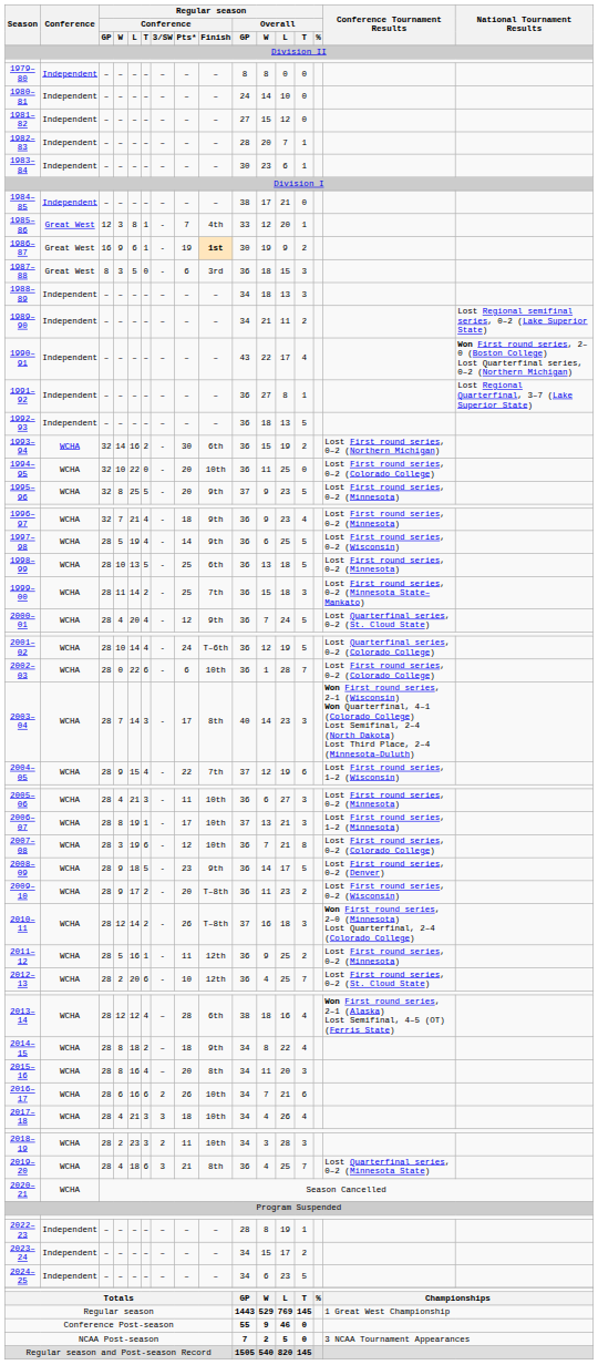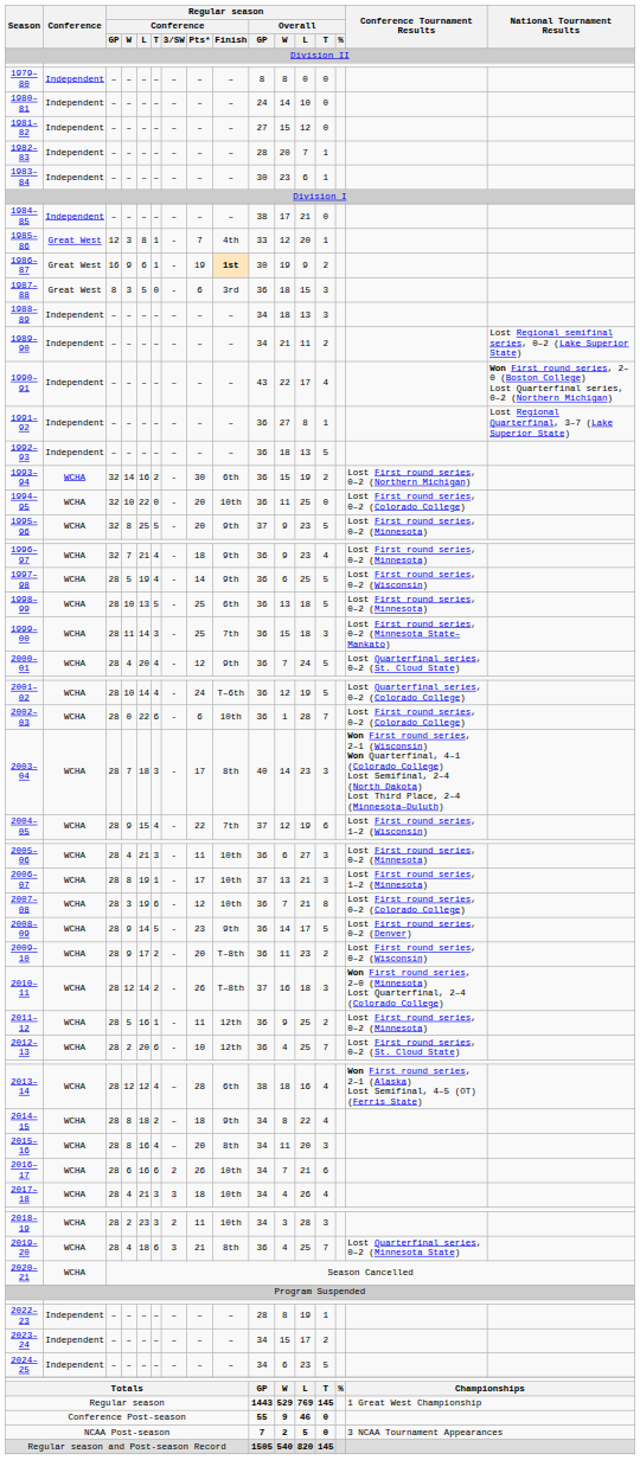 <table class="wikitable" style="text-align: center; font-size: 95%">
 <tr>
 <th rowspan="3">Season</th>
 <th rowspan="3">Conference</th>
 <th colspan="12">Regular season</th>
 <th rowspan="3">Conference Tournament Results</th>
 <th rowspan="3">National Tournament Results</th>
 </tr>
 <tr>
 <th colspan="7">Conference</th>
 <th colspan="5">Overall</th>
 </tr>
 <tr>
 <th>GP</th>
 <th>W</th>
 <th>L</th>
 <th>T</th>
 <th>3/SW</th>
 <th>Pts*</th>
 <th>Finish</th>
 <th>GP</th>
 <th>W</th>
 <th>L</th>
 <th>T</th>
 <th>%</th>
 </tr>
 <tr>
 <td style="background:#cccccc;" colspan="16"><a href='#'>Division II</a></td>
 </tr>
 <tr>
 <td><a href='#'></a> </td>
 </tr>
 <tr>
 <td><a href='#'>1979–80</a></td>
 <td><a href='#'>Independent</a></td>
 <td>–</td>
 <td>–</td>
 <td>–</td>
 <td>–</td>
 <td>–</td>
 <td>–</td>
 <td>–</td>
 <td>8</td>
 <td>8</td>
 <td>0</td>
 <td>0</td>
 <td></td>
 <td align="left"></td>
 <td align="left"></td>
 </tr>
 <tr>
 <td><a href='#'>1980–81</a></td>
 <td>Independent</td>
 <td>–</td>
 <td>–</td>
 <td>–</td>
 <td>–</td>
 <td>–</td>
 <td>–</td>
 <td>–</td>
 <td>24</td>
 <td>14</td>
 <td>10</td>
 <td>0</td>
 <td></td>
 <td align="left"></td>
 <td align="left"></td>
 </tr>
 <tr>
 <td><a href='#'>1981–82</a></td>
 <td>Independent</td>
 <td>–</td>
 <td>–</td>
 <td>–</td>
 <td>–</td>
 <td>–</td>
 <td>–</td>
 <td>–</td>
 <td>27</td>
 <td>15</td>
 <td>12</td>
 <td>0</td>
 <td></td>
 <td align="left"></td>
 <td align="left"></td>
 </tr>
 <tr>
 <td><a href='#'>1982–83</a></td>
 <td>Independent</td>
 <td>–</td>
 <td>–</td>
 <td>–</td>
 <td>–</td>
 <td>–</td>
 <td>–</td>
 <td>–</td>
 <td>28</td>
 <td>20</td>
 <td>7</td>
 <td>1</td>
 <td></td>
 <td align="left"></td>
 <td align="left"></td>
 </tr>
 <tr>
 <td><a href='#'>1983–84</a></td>
 <td>Independent</td>
 <td>–</td>
 <td>–</td>
 <td>–</td>
 <td>–</td>
 <td>–</td>
 <td>–</td>
 <td>–</td>
 <td>30</td>
 <td>23</td>
 <td>6</td>
 <td>1</td>
 <td></td>
 <td align="left"></td>
 <td align="left"></td>
 </tr>
 <tr>
 <td style="background:#cccccc;" colspan="16"><a href='#'>Division I</a></td>
 </tr>
 <tr>
 <td><a href='#'>1984–85</a></td>
 <td><a href='#'>Independent</a></td>
 <td>–</td>
 <td>–</td>
 <td>–</td>
 <td>–</td>
 <td>–</td>
 <td>–</td>
 <td>–</td>
 <td>38</td>
 <td>17</td>
 <td>21</td>
 <td>0</td>
 <td></td>
 <td align="left"></td>
 <td align="left"></td>
 </tr>
 <tr>
 <td><a href='#'>1985–86</a></td>
 <td><a href='#'>Great West</a></td>
 <td>12</td>
 <td>3</td>
 <td>8</td>
 <td>1</td>
 <td>-</td>
 <td>7</td>
 <td>4th</td>
 <td>33</td>
 <td>12</td>
 <td>20</td>
 <td>1</td>
 <td></td>
 <td align="left"></td>
 <td align="left"></td>
 </tr>
 <tr>
 <td><a href='#'>1986–87</a></td>
 <td>Great West</td>
 <td>16</td>
 <td>9</td>
 <td>6</td>
 <td>1</td>
 <td>-</td>
 <td>19</td>
 <td style="background: #FFE6BD;"><strong>1st</strong></td>
 <td>30</td>
 <td>19</td>
 <td>9</td>
 <td>2</td>
 <td></td>
 <td align="left"></td>
 <td align="left"></td>
 </tr>
 <tr>
 <td><a href='#'>1987–88</a></td>
 <td>Great West</td>
 <td>8</td>
 <td>3</td>
 <td>5</td>
 <td>0</td>
 <td>-</td>
 <td>6</td>
 <td>3rd</td>
 <td>36</td>
 <td>18</td>
 <td>15</td>
 <td>3</td>
 <td></td>
 <td align="left"></td>
 <td align="left"></td>
 </tr>
 <tr>
 <td><a href='#'>1988–89</a></td>
 <td>Independent</td>
 <td>–</td>
 <td>–</td>
 <td>–</td>
 <td>–</td>
 <td>–</td>
 <td>–</td>
 <td>–</td>
 <td>34</td>
 <td>18</td>
 <td>13</td>
 <td>3</td>
 <td></td>
 <td align="left"></td>
 <td align="left"></td>
 </tr>
 <tr>
 <td><a href='#'>1989–90</a></td>
 <td>Independent</td>
 <td>–</td>
 <td>–</td>
 <td>–</td>
 <td>–</td>
 <td>–</td>
 <td>–</td>
 <td>–</td>
 <td>34</td>
 <td>21</td>
 <td>11</td>
 <td>2</td>
 <td></td>
 <td align="left"></td>
 <td align="left">Lost <a href='#'>Regional semifinal series</a>, 0–2 (<a href='#'>Lake Superior State</a>)</td>
 </tr>
 <tr>
 <td><a href='#'>1990–91</a></td>
 <td>Independent</td>
 <td>–</td>
 <td>–</td>
 <td>–</td>
 <td>–</td>
 <td>–</td>
 <td>–</td>
 <td>–</td>
 <td>43</td>
 <td>22</td>
 <td>17</td>
 <td>4</td>
 <td></td>
 <td align="left"></td>
 <td align="left"><strong>Won</strong> <a href='#'>First round series</a>, 2–0 (<a href='#'>Boston College</a>)<br>Lost Quarterfinal series, 0–2 (<a href='#'>Northern Michigan</a>)</td>
 </tr>
 <tr>
 <td><a href='#'>1991–92</a></td>
 <td>Independent</td>
 <td>–</td>
 <td>–</td>
 <td>–</td>
 <td>–</td>
 <td>–</td>
 <td>–</td>
 <td>–</td>
 <td>36</td>
 <td>27</td>
 <td>8</td>
 <td>1</td>
 <td></td>
 <td align="left"></td>
 <td align="left">Lost <a href='#'>Regional Quarterfinal</a>, 3–7 (<a href='#'>Lake Superior State</a>)</td>
 </tr>
 <tr>
 <td><a href='#'>1992–93</a></td>
 <td>Independent</td>
 <td>–</td>
 <td>–</td>
 <td>–</td>
 <td>–</td>
 <td>–</td>
 <td>–</td>
 <td>–</td>
 <td>36</td>
 <td>18</td>
 <td>13</td>
 <td>5</td>
 <td></td>
 <td align="left"></td>
 <td align="left"></td>
 </tr>
 <tr>
 <td><a href='#'>1993–94</a></td>
 <td><a href='#'>WCHA</a></td>
 <td>32</td>
 <td>14</td>
 <td>16</td>
 <td>2</td>
 <td>-</td>
 <td>30</td>
 <td>6th</td>
 <td>36</td>
 <td>15</td>
 <td>19</td>
 <td>2</td>
 <td></td>
 <td align="left">Lost <a href='#'>First round series</a>, 0–2 (<a href='#'>Northern Michigan</a>)</td>
 <td align="left"></td>
 </tr>
 <tr>
 <td><a href='#'>1994–95</a></td>
 <td>WCHA</td>
 <td>32</td>
 <td>10</td>
 <td>22</td>
 <td>0</td>
 <td>-</td>
 <td>20</td>
 <td>10th</td>
 <td>36</td>
 <td>11</td>
 <td>25</td>
 <td>0</td>
 <td></td>
 <td align="left">Lost <a href='#'>First round series</a>, 0–2 (<a href='#'>Colorado College</a>)</td>
 <td align="left"></td>
 </tr>
 <tr>
 <td><a href='#'>1995–96</a></td>
 <td>WCHA</td>
 <td>32</td>
 <td>8</td>
 <td>25</td>
 <td>5</td>
 <td>-</td>
 <td>20</td>
 <td>9th</td>
 <td>37</td>
 <td>9</td>
 <td>23</td>
 <td>5</td>
 <td></td>
 <td align="left">Lost <a href='#'>First round series</a>, 0–2 (<a href='#'>Minnesota</a>)</td>
 <td align="left"></td>
 </tr>
 <tr>
 <td><a href='#'></a> </td>
 </tr>
 <tr>
 <td><a href='#'>1996–97</a></td>
 <td>WCHA</td>
 <td>32</td>
 <td>7</td>
 <td>21</td>
 <td>4</td>
 <td>-</td>
 <td>18</td>
 <td>9th</td>
 <td>36</td>
 <td>9</td>
 <td>23</td>
 <td>4</td>
 <td></td>
 <td align="left">Lost <a href='#'>First round series</a>, 0–2 (<a href='#'>Minnesota</a>)</td>
 <td align="left"></td>
 </tr>
 <tr>
 <td><a href='#'>1997–98</a></td>
 <td>WCHA</td>
 <td>28</td>
 <td>5</td>
 <td>19</td>
 <td>4</td>
 <td>-</td>
 <td>14</td>
 <td>9th</td>
 <td>36</td>
 <td>6</td>
 <td>25</td>
 <td>5</td>
 <td></td>
 <td align="left">Lost <a href='#'>First round series</a>, 0–2 (<a href='#'>Wisconsin</a>)</td>
 <td align="left"></td>
 </tr>
 <tr>
 <td><a href='#'>1998–99</a></td>
 <td>WCHA</td>
 <td>28</td>
 <td>10</td>
 <td>13</td>
 <td>5</td>
 <td>-</td>
 <td>25</td>
 <td>6th</td>
 <td>36</td>
 <td>13</td>
 <td>18</td>
 <td>5</td>
 <td></td>
 <td align="left">Lost <a href='#'>First round series</a>, 0–2 (<a href='#'>Minnesota</a>)</td>
 <td align="left"></td>
 </tr>
 <tr>
 <td><a href='#'>1999–00</a></td>
 <td>WCHA</td>
 <td>28</td>
 <td>11</td>
 <td>14</td>
-<td>2</td>
+<td>3</td>
 <td>-</td>
 <td>25</td>
 <td>7th</td>
 <td>36</td>
 <td>15</td>
 <td>18</td>
 <td>3</td>
 <td></td>
 <td align="left">Lost <a href='#'>First round series</a>, 0–2 (<a href='#'>Minnesota State–Mankato</a>)</td>
 <td align="left"></td>
 </tr>
 <tr>
 <td><a href='#'>2000–01</a></td>
 <td>WCHA</td>
 <td>28</td>
 <td>4</td>
 <td>20</td>
 <td>4</td>
 <td>-</td>
 <td>12</td>
 <td>9th</td>
 <td>36</td>
 <td>7</td>
 <td>24</td>
 <td>5</td>
 <td></td>
 <td align="left">Lost <a href='#'>Quarterfinal series</a>, 0–2 (<a href='#'>St. Cloud State</a>)</td>
 <td align="left"></td>
 </tr>
 <tr>
 <td><a href='#'></a> </td>
 </tr>
 <tr>
 <td><a href='#'>2001–02</a></td>
 <td>WCHA</td>
 <td>28</td>
 <td>10</td>
 <td>14</td>
 <td>4</td>
 <td>-</td>
 <td>24</td>
 <td>T–6th</td>
 <td>36</td>
 <td>12</td>
 <td>19</td>
 <td>5</td>
 <td></td>
 <td align="left">Lost <a href='#'>Quarterfinal series</a>, 0–2 (<a href='#'>Colorado College</a>)</td>
 <td align="left"></td>
 </tr>
 <tr>
 <td><a href='#'>2002–03</a></td>
 <td>WCHA</td>
 <td>28</td>
 <td>0</td>
 <td>22</td>
 <td>6</td>
 <td>-</td>
 <td>6</td>
 <td>10th</td>
 <td>36</td>
 <td>1</td>
 <td>28</td>
 <td>7</td>
 <td></td>
 <td align="left">Lost <a href='#'>First round series</a>, 0–2 (<a href='#'>Colorado College</a>)</td>
 <td align="left"></td>
 </tr>
 <tr>
 <td><a href='#'>2003–04</a></td>
 <td>WCHA</td>
 <td>28</td>
 <td>7</td>
-<td>14</td>
+<td>18</td>
 <td>3</td>
 <td>-</td>
 <td>17</td>
 <td>8th</td>
 <td>40</td>
 <td>14</td>
 <td>23</td>
 <td>3</td>
 <td></td>
 <td align="left"><strong>Won</strong> <a href='#'>First round series</a>, 2–1 (<a href='#'>Wisconsin</a>)<br><strong>Won</strong> Quarterfinal, 4–1 (<a href='#'>Colorado College</a>)<br>Lost Semifinal, 2–4 (<a href='#'>North Dakota</a>)<br>Lost Third Place, 2–4 (<a href='#'>Minnesota–Duluth</a>)</td>
 <td align="left"></td>
 </tr>
 <tr>
 <td><a href='#'>2004–05</a></td>
 <td>WCHA</td>
 <td>28</td>
 <td>9</td>
 <td>15</td>
 <td>4</td>
 <td>-</td>
 <td>22</td>
 <td>7th</td>
 <td>37</td>
 <td>12</td>
 <td>19</td>
 <td>6</td>
 <td></td>
 <td align="left">Lost <a href='#'>First round series</a>, 1–2 (<a href='#'>Wisconsin</a>)</td>
 <td align="left"></td>
 </tr>
 <tr>
 <td><a href='#'></a> </td>
 </tr>
 <tr>
 <td><a href='#'>2005–06</a></td>
 <td>WCHA</td>
 <td>28</td>
 <td>4</td>
 <td>21</td>
 <td>3</td>
 <td>-</td>
 <td>11</td>
 <td>10th</td>
 <td>36</td>
 <td>6</td>
 <td>27</td>
 <td>3</td>
 <td></td>
 <td align="left">Lost <a href='#'>First round series</a>, 0–2 (<a href='#'>Minnesota</a>)</td>
 <td align="left"></td>
 </tr>
 <tr>
 <td><a href='#'>2006–07</a></td>
 <td>WCHA</td>
 <td>28</td>
 <td>8</td>
 <td>19</td>
 <td>1</td>
 <td>-</td>
 <td>17</td>
 <td>10th</td>
 <td>37</td>
 <td>13</td>
 <td>21</td>
 <td>3</td>
 <td></td>
 <td align="left">Lost <a href='#'>First round series</a>, 1–2 (<a href='#'>Minnesota</a>)</td>
 <td align="left"></td>
 </tr>
 <tr>
 <td><a href='#'>2007–08</a></td>
 <td>WCHA</td>
 <td>28</td>
 <td>3</td>
 <td>19</td>
 <td>6</td>
 <td>-</td>
 <td>12</td>
 <td>10th</td>
 <td>36</td>
 <td>7</td>
 <td>21</td>
 <td>8</td>
 <td></td>
 <td align="left">Lost <a href='#'>First round series</a>, 0–2 (<a href='#'>Colorado College</a>)</td>
 <td align="left"></td>
 </tr>
 <tr>
 <td><a href='#'>2008–09</a></td>
 <td>WCHA</td>
 <td>28</td>
 <td>9</td>
-<td>18</td>
+<td>14</td>
 <td>5</td>
 <td>-</td>
 <td>23</td>
 <td>9th</td>
 <td>36</td>
 <td>14</td>
 <td>17</td>
 <td>5</td>
 <td></td>
 <td align="left">Lost <a href='#'>First round series</a>, 0–2 (<a href='#'>Denver</a>)</td>
 <td align="left"></td>
 </tr>
 <tr>
 <td><a href='#'>2009–10</a></td>
 <td>WCHA</td>
 <td>28</td>
 <td>9</td>
 <td>17</td>
 <td>2</td>
 <td>-</td>
 <td>20</td>
 <td>T–8th</td>
 <td>36</td>
 <td>11</td>
 <td>23</td>
 <td>2</td>
 <td></td>
 <td align="left">Lost <a href='#'>First round series</a>, 0–2 (<a href='#'>Wisconsin</a>)</td>
 <td align="left"></td>
 </tr>
 <tr>
 <td><a href='#'>2010–11</a></td>
 <td>WCHA</td>
 <td>28</td>
 <td>12</td>
 <td>14</td>
 <td>2</td>
 <td>-</td>
 <td>26</td>
 <td>T–8th</td>
 <td>37</td>
 <td>16</td>
 <td>18</td>
 <td>3</td>
 <td></td>
 <td align="left"><strong>Won</strong> <a href='#'>First round series</a>, 2–0 (<a href='#'>Minnesota</a>)<br>Lost Quarterfinal, 2–4 (<a href='#'>Colorado College</a>)</td>
 <td align="left"></td>
 </tr>
 <tr>
 <td><a href='#'>2011–12</a></td>
 <td>WCHA</td>
 <td>28</td>
 <td>5</td>
 <td>16</td>
 <td>1</td>
 <td>-</td>
 <td>11</td>
 <td>12th</td>
 <td>36</td>
 <td>9</td>
 <td>25</td>
 <td>2</td>
 <td></td>
 <td align="left">Lost <a href='#'>First round series</a>, 0–2 (<a href='#'>Minnesota</a>)</td>
 <td align="left"></td>
 </tr>
 <tr>
 <td><a href='#'>2012–13</a></td>
 <td>WCHA</td>
 <td>28</td>
 <td>2</td>
 <td>20</td>
 <td>6</td>
 <td>-</td>
 <td>10</td>
 <td>12th</td>
 <td>36</td>
 <td>4</td>
 <td>25</td>
 <td>7</td>
 <td></td>
 <td align="left">Lost <a href='#'>First round series</a>, 0–2 (<a href='#'>St. Cloud State</a>)</td>
 <td align="left"></td>
 </tr>
 <tr>
 <td><a href='#'></a> </td>
 </tr>
 <tr>
 <td><a href='#'>2013–14</a></td>
 <td>WCHA</td>
 <td>28</td>
 <td>12</td>
 <td>12</td>
 <td>4</td>
 <td>–</td>
 <td>28</td>
 <td>6th</td>
 <td>38</td>
 <td>18</td>
 <td>16</td>
 <td>4</td>
 <td></td>
 <td align="left"><strong>Won</strong> <a href='#'>First round series</a>, 2–1 (<a href='#'>Alaska</a>)<br>Lost Semifinal, 4–5 (OT) (<a href='#'>Ferris State</a>)</td>
 <td align="left"></td>
 </tr>
 <tr>
 <td><a href='#'>2014–15</a></td>
 <td>WCHA</td>
 <td>28</td>
 <td>8</td>
 <td>18</td>
 <td>2</td>
 <td>–</td>
 <td>18</td>
 <td>9th</td>
 <td>34</td>
 <td>8</td>
 <td>22</td>
 <td>4</td>
 <td></td>
 <td align="left"></td>
 <td align="left"></td>
 </tr>
 <tr>
 <td><a href='#'>2015–16</a></td>
 <td>WCHA</td>
 <td>28</td>
 <td>8</td>
 <td>16</td>
 <td>4</td>
 <td>–</td>
 <td>20</td>
 <td>8th</td>
 <td>34</td>
 <td>11</td>
 <td>20</td>
 <td>3</td>
 <td></td>
 <td align="left"></td>
 <td align="left"></td>
 </tr>
 <tr>
 <td><a href='#'>2016–17</a></td>
 <td>WCHA</td>
 <td>28</td>
 <td>6</td>
 <td>16</td>
 <td>6</td>
 <td>2</td>
 <td>26</td>
 <td>10th</td>
 <td>34</td>
 <td>7</td>
 <td>21</td>
 <td>6</td>
 <td></td>
 <td align="left"></td>
 <td align="left"></td>
 </tr>
 <tr>
 <td><a href='#'>2017–18</a></td>
 <td>WCHA</td>
 <td>28</td>
 <td>4</td>
 <td>21</td>
 <td>3</td>
 <td>3</td>
 <td>18</td>
 <td>10th</td>
 <td>34</td>
 <td>4</td>
 <td>26</td>
 <td>4</td>
 <td></td>
 <td align="left"></td>
 <td align="left"></td>
 </tr>
 <tr>
 <td><a href='#'></a> </td>
 </tr>
 <tr>
 <td><a href='#'>2018–19</a></td>
 <td>WCHA</td>
 <td>28</td>
 <td>2</td>
 <td>23</td>
 <td>3</td>
 <td>2</td>
 <td>11</td>
 <td>10th</td>
 <td>34</td>
 <td>3</td>
 <td>28</td>
 <td>3</td>
 <td></td>
 <td align="left"></td>
 <td align="left"></td>
 </tr>
 <tr>
 <td><a href='#'>2019–20</a></td>
 <td>WCHA</td>
 <td>28</td>
 <td>4</td>
 <td>18</td>
 <td>6</td>
 <td>3</td>
 <td>21</td>
 <td>8th</td>
 <td>36</td>
 <td>4</td>
 <td>25</td>
 <td>7</td>
 <td></td>
 <td align="left">Lost <a href='#'>Quarterfinal series</a>, 0–2 (<a href='#'>Minnesota State</a>)</td>
 <td align="left"></td>
 </tr>
 <tr>
 <td><a href='#'>2020–21</a></td>
 <td>WCHA</td>
 <td colspan=14>Season Cancelled</td>
 </tr>
 <tr>
 <td style="background:#cccccc;" colspan="16">Program Suspended</td>
 </tr>
 <tr>
 <td><a href='#'></a> </td>
 </tr>
 <tr>
 <td><a href='#'>2022–23</a></td>
 <td>Independent</td>
 <td>–</td>
 <td>–</td>
 <td>–</td>
 <td>–</td>
 <td>–</td>
 <td>–</td>
 <td>–</td>
 <td>28</td>
 <td>8</td>
 <td>19</td>
 <td>1</td>
 <td></td>
 <td align="left"></td>
 <td align="left"></td>
 </tr>
 <tr>
 <td><a href='#'>2023–24</a></td>
 <td>Independent</td>
 <td>–</td>
 <td>–</td>
 <td>–</td>
 <td>–</td>
 <td>–</td>
 <td>–</td>
 <td>–</td>
 <td>34</td>
 <td>15</td>
 <td>17</td>
 <td>2</td>
 <td></td>
 <td align="left"></td>
 <td align="left"></td>
 </tr>
 <tr>
 <td><a href='#'>2024–25</a></td>
 <td>Independent</td>
 <td>–</td>
 <td>–</td>
 <td>–</td>
 <td>–</td>
 <td>–</td>
 <td>–</td>
 <td>–</td>
 <td>34</td>
 <td>6</td>
 <td>23</td>
 <td>5</td>
 <td></td>
 <td align="left"></td>
 <td align="left"></td>
 </tr>
 <tr>
 </tr>
 <tr ->
 </tr>
 <tr>
 <td colspan="16" style="background:#fff;"></td>
 </tr>
 <tr>
 <th colspan="9">Totals</th>
 <th>GP</th>
 <th>W</th>
 <th>L</th>
 <th>T</th>
 <th>%</th>
 <th colspan="2">Championships</th>
 </tr>
 <tr>
 <td colspan="9">Regular season</td>
 <td><strong>1443</strong></td>
 <td><strong>529</strong></td>
 <td><strong>769</strong></td>
 <td><strong>145</strong></td>
 <td><strong></strong></td>
 <td colspan="2" align="left">1 Great West Championship</td>
 </tr>
 <tr>
 <td colspan="9">Conference Post-season</td>
 <td><strong>55</strong></td>
 <td><strong>9</strong></td>
 <td><strong>46</strong></td>
 <td><strong>0</strong></td>
 <td><strong></strong></td>
 <td colspan="2" align="left"></td>
 </tr>
 <tr>
 <td colspan="9">NCAA Post-season</td>
 <td><strong>7</strong></td>
 <td><strong>2</strong></td>
 <td><strong>5</strong></td>
 <td><strong>0</strong></td>
 <td><strong></strong></td>
 <td colspan="2" align="left">3 NCAA Tournament Appearances</td>
 </tr>
 <tr bgcolor=dddddd>
 <td colspan="9">Regular season and Post-season Record</td>
 <td><strong>1505</strong></td>
 <td><strong>540</strong></td>
 <td><strong>820</strong></td>
 <td><strong>145</strong></td>
 <td><strong></strong></td>
 <td colspan="2" align="left"></td>
 </tr>
 </table>
